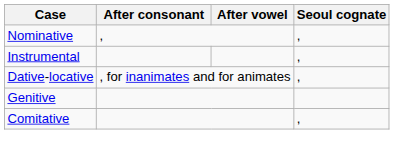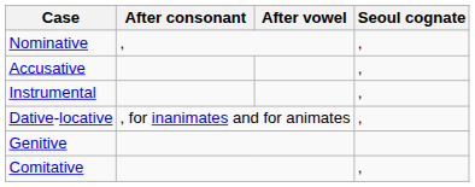 <table class="wikitable">
 <tr>
 <th>Case</th>
 <th>After consonant</th>
 <th>After vowel</th>
 <th>Seoul cognate</th>
 </tr>
 <tr>
 <td><a href='#'>Nominative</a></td>
 <td colspan="2"> ,  </td>
+<td> ,  </td>
+</tr>
+<tr>
+<td><a href='#'>Accusative</a></td>
+<td> </td>
+<td> </td>
 <td> ,  </td>
 </tr>
 <tr>
 <td><a href='#'>Instrumental</a></td>
 <td> </td>
 <td> </td>
 <td> ,  </td>
 </tr>
 <tr>
 <td><a href='#'>Dative</a>-<a href='#'>locative</a></td>
 <td colspan="2"> ,   for <a href='#'>inanimates</a> and   for animates</td>
 <td> ,  </td>
 </tr>
 <tr>
 <td><a href='#'>Genitive</a></td>
 <td colspan="2'"> </td>
 <td> </td>
 </tr>
 <tr>
 <td><a href='#'>Comitative</a></td>
 <td colspan="2"> </td>
 <td> ,  </td>
 </tr>
 </table>
